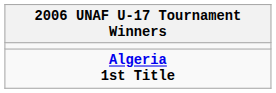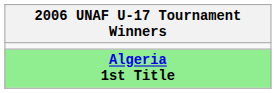 <table class="wikitable" style="text-align: center; margin: 0 auto; width: 20%">
 <tr>
 <th>2006 UNAF U-17 Tournament Winners</th>
 </tr>
 <tr>
 <td></td>
 </tr>
 <tr>
-<td><strong><a href='#'>Algeria</a></strong><br><strong>1st Title</strong></td>
+<td style="background: lightgreen;"><strong><a href='#'>Algeria</a></strong><br><strong>1st Title</strong></td>
 </tr>
 </table>
